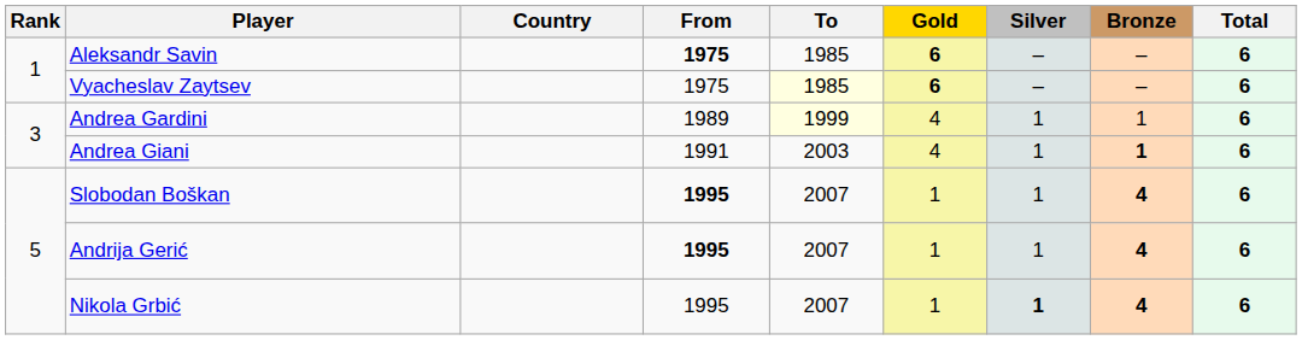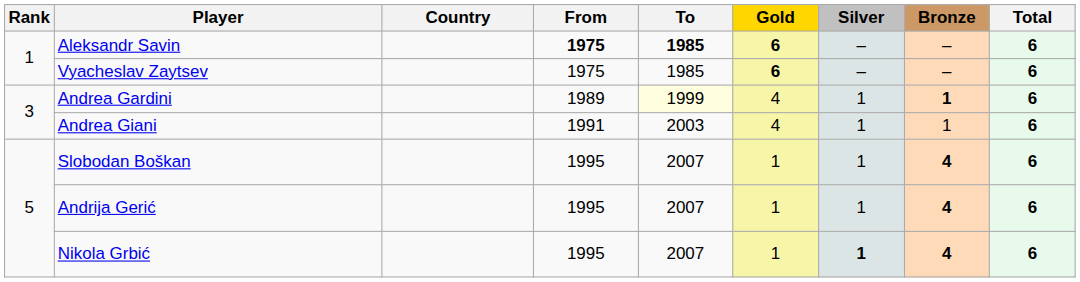 <table class="wikitable plainrowheaders" width=80% style="text-align:center;">
 <tr style="background-color:#EDEDED;">
 <th class="hintergrundfarbe5" style="width:1em">Rank</th>
 <th class="hintergrundfarbe5">Player</th>
 <th class="hintergrundfarbe5">Country</th>
 <th class="hintergrundfarbe5">From</th>
 <th class="hintergrundfarbe5">To</th>
 <th style="background:    gold; width:8%">Gold</th>
 <th style="background:  silver; width:8%">Silver</th>
 <th style="background: #CC9966; width:8%">Bronze</th>
 <th class="hintergrundfarbe5" style="width:8%">Total</th>
 </tr>
 <tr>
 <td rowspan="2">1</td>
 <td align="left"><a href='#'>Aleksandr Savin</a></td>
 <td align="left"></td>
 <td><strong>1975</strong></td>
-<td>1985</td>
+<td><strong>1985</strong></td>
 <td bgcolor="#F7F6A8"><strong>6</strong></td>
 <td bgcolor="#DCE5E5">–</td>
 <td bgcolor="#FFDAB9">–</td>
 <td bgcolor="#E7FAEC"><strong>6</strong></td>
 </tr>
 <tr align="center">
 <td align="left"><a href='#'>Vyacheslav Zaytsev</a></td>
 <td align="left"></td>
 <td>1975</td>
-<td style="background: lightyellow;">1985</td>
+<td>1985</td>
 <td bgcolor="#F7F6A8"><strong>6</strong></td>
 <td bgcolor="#DCE5E5">–</td>
 <td bgcolor="#FFDAB9">–</td>
 <td bgcolor="#E7FAEC"><strong>6</strong></td>
 </tr>
 <tr align="center">
 <td rowspan="2">3</td>
 <td align="left"><a href='#'>Andrea Gardini</a></td>
 <td align="left"></td>
 <td>1989</td>
 <td style="background: lightyellow;">1999</td>
 <td bgcolor="#F7F6A8">4</td>
 <td bgcolor="#DCE5E5">1</td>
-<td bgcolor="#FFDAB9">1</td>
+<td bgcolor="#FFDAB9"><strong>1</strong></td>
 <td bgcolor="#E7FAEC"><strong>6</strong></td>
 </tr>
 <tr align="center">
 <td align="left"><a href='#'>Andrea Giani</a></td>
 <td align="left"></td>
 <td>1991</td>
 <td>2003</td>
 <td bgcolor="#F7F6A8">4</td>
 <td bgcolor="#DCE5E5">1</td>
-<td bgcolor="#FFDAB9"><strong>1</strong></td>
+<td bgcolor="#FFDAB9">1</td>
 <td bgcolor="#E7FAEC"><strong>6</strong></td>
 </tr>
 <tr align="center">
 <td rowspan="3">5</td>
 <td align="left"><a href='#'>Slobodan Boškan</a></td>
 <td align="left"><br><br></td>
-<td><strong>1995</strong></td>
+<td>1995</td>
 <td>2007</td>
 <td bgcolor="#F7F6A8">1</td>
 <td bgcolor="#DCE5E5">1</td>
 <td bgcolor="#FFDAB9"><strong>4</strong></td>
 <td bgcolor="#E7FAEC"><strong>6</strong></td>
 </tr>
 <tr align="center">
 <td align="left"><a href='#'>Andrija Gerić</a></td>
 <td align="left"><br><br></td>
-<td><strong>1995</strong></td>
+<td>1995</td>
 <td>2007</td>
 <td bgcolor="#F7F6A8">1</td>
 <td bgcolor="#DCE5E5">1</td>
 <td bgcolor="#FFDAB9"><strong>4</strong></td>
 <td bgcolor="#E7FAEC"><strong>6</strong></td>
 </tr>
 <tr align="center">
 <td align="left"><a href='#'>Nikola Grbić</a></td>
 <td align="left"><br><br></td>
 <td>1995</td>
 <td>2007</td>
 <td bgcolor="#F7F6A8">1</td>
 <td bgcolor="#DCE5E5"><strong>1</strong></td>
 <td bgcolor="#FFDAB9"><strong>4</strong></td>
 <td bgcolor="#E7FAEC"><strong>6</strong></td>
 </tr>
 </table>
